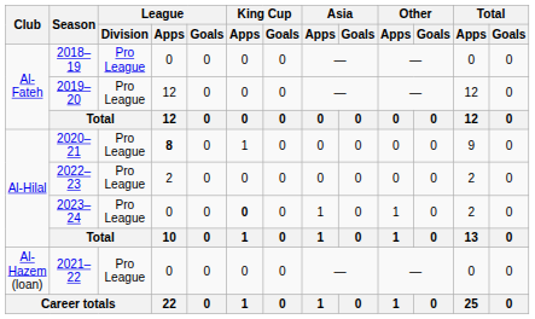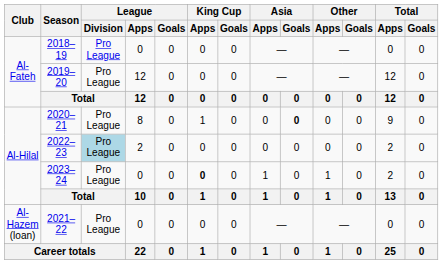 <table class="wikitable" style="text-align: center">
 <tr>
 <th rowspan=2>Club</th>
 <th rowspan=2>Season</th>
 <th colspan=3>League</th>
 <th colspan=2>King Cup</th>
 <th colspan=2>Asia</th>
 <th colspan=2>Other</th>
 <th colspan=2>Total</th>
 </tr>
 <tr>
 <th>Division</th>
 <th>Apps</th>
 <th>Goals</th>
 <th>Apps</th>
 <th>Goals</th>
 <th>Apps</th>
 <th>Goals</th>
 <th>Apps</th>
 <th>Goals</th>
 <th>Apps</th>
 <th>Goals</th>
 </tr>
 <tr>
 <td rowspan=3><a href='#'>Al-Fateh</a></td>
 <td><a href='#'>2018–19</a></td>
 <td><a href='#'>Pro League</a></td>
 <td>0</td>
 <td>0</td>
 <td>0</td>
 <td>0</td>
 <td colspan=2>—</td>
 <td colspan=2>—</td>
 <td>0</td>
 <td>0</td>
 </tr>
 <tr>
 <td><a href='#'>2019–20</a></td>
 <td>Pro League</td>
 <td>12</td>
 <td>0</td>
 <td>0</td>
 <td>0</td>
 <td colspan=2>—</td>
 <td colspan=2>—</td>
 <td>12</td>
 <td>0</td>
 </tr>
 <tr>
 <th colspan="2">Total</th>
 <th>12</th>
 <th>0</th>
 <th>0</th>
 <th>0</th>
 <th>0</th>
 <th>0</th>
 <th>0</th>
 <th>0</th>
 <th>12</th>
 <th>0</th>
 </tr>
 <tr>
 <td rowspan=4><a href='#'>Al-Hilal</a></td>
 <td><a href='#'>2020–21</a></td>
 <td>Pro League</td>
-<td><strong>8</strong></td>
+<td>8</td>
 <td>0</td>
 <td>1</td>
 <td>0</td>
 <td>0</td>
-<td>0</td>
+<td><strong>0</strong></td>
 <td>0</td>
 <td>0</td>
 <td>9</td>
 <td>0</td>
 </tr>
 <tr>
 <td><a href='#'>2022–23</a></td>
-<td>Pro League</td>
+<td style="background: lightblue;">Pro League</td>
 <td>2</td>
 <td>0</td>
 <td>0</td>
 <td>0</td>
 <td>0</td>
 <td>0</td>
 <td>0</td>
 <td>0</td>
 <td>2</td>
 <td>0</td>
 </tr>
 <tr>
 <td><a href='#'>2023–24</a></td>
 <td>Pro League</td>
 <td>0</td>
 <td>0</td>
 <td><strong>0</strong></td>
 <td>0</td>
 <td>1</td>
 <td>0</td>
 <td>1</td>
 <td>0</td>
 <td>2</td>
 <td>0</td>
 </tr>
 <tr>
 <th colspan="2">Total</th>
 <th>10</th>
 <th>0</th>
 <th>1</th>
 <th>0</th>
 <th>1</th>
 <th>0</th>
 <th>1</th>
 <th>0</th>
 <th>13</th>
 <th>0</th>
 </tr>
 <tr>
 <td rowspan=1><a href='#'>Al-Hazem</a> (loan)</td>
 <td><a href='#'>2021–22</a></td>
 <td>Pro League</td>
 <td>0</td>
 <td>0</td>
 <td>0</td>
 <td>0</td>
 <td colspan=2>—</td>
 <td colspan=2>—</td>
 <td>0</td>
 <td>0</td>
 </tr>
 <tr>
 <th colspan=3>Career totals</th>
 <th>22</th>
 <th>0</th>
 <th>1</th>
 <th>0</th>
 <th>1</th>
 <th>0</th>
 <th>1</th>
 <th>0</th>
 <th>25</th>
 <th>0</th>
 </tr>
 </table>
